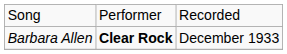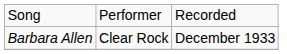 <table class="wikitable">
 <tr>
 <td>Song</td>
 <td>Performer</td>
 <td>Recorded</td>
 </tr>
 <tr>
 <td><em>Barbara Allen</em></td>
-<td><strong>Clear Rock</strong></td>
+<td>Clear Rock</td>
 <td>December 1933</td>
 </tr>
 <tr>
 </tr>
 </table>
